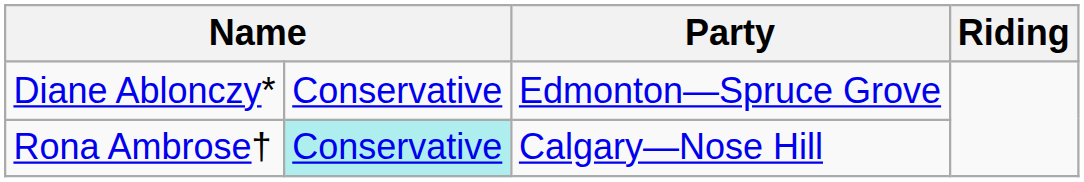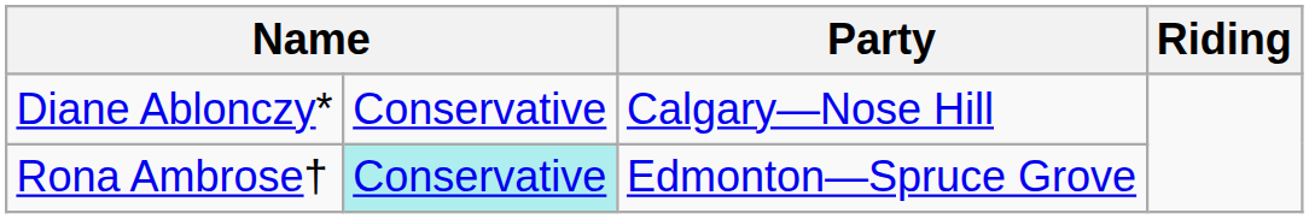 <table class="wikitable">
 <tr>
 <th colspan="2">Name</th>
 <th>Party</th>
 <th>Riding</th>
 </tr>
 <tr>
 <td><a href='#'>Diane Ablonczy</a>*</td>
 <td><a href='#'>Conservative</a></td>
-<td><a href='#'>Edmonton—Spruce Grove</a></td>
+<td><a href='#'>Calgary—Nose Hill</a></td>
 </tr>
 <tr>
 <td><a href='#'>Rona Ambrose</a>†</td>
 <td style="background: paleturquoise;"><a href='#'>Conservative</a></td>
-<td><a href='#'>Calgary—Nose Hill</a></td>
+<td><a href='#'>Edmonton—Spruce Grove</a></td>
 </tr>
 </table>
